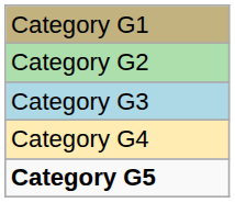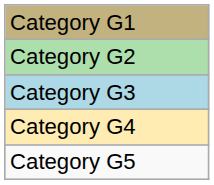 <table class="wikitable" style="font-size:85%;" width=10%>
 <tr bgcolor=#C2B280>
 <td>Category G1</td>
 </tr>
 <tr bgcolor="#ADDFAD">
 <td>Category G2</td>
 </tr>
 <tr bgcolor="lightblue">
 <td>Category G3</td>
 </tr>
 <tr bgcolor=#ffecb2>
 <td>Category G4</td>
 </tr>
 <tr>
-<td><strong>Category G5</strong></td>
+<td>Category G5</td>
 </tr>
 </table>
